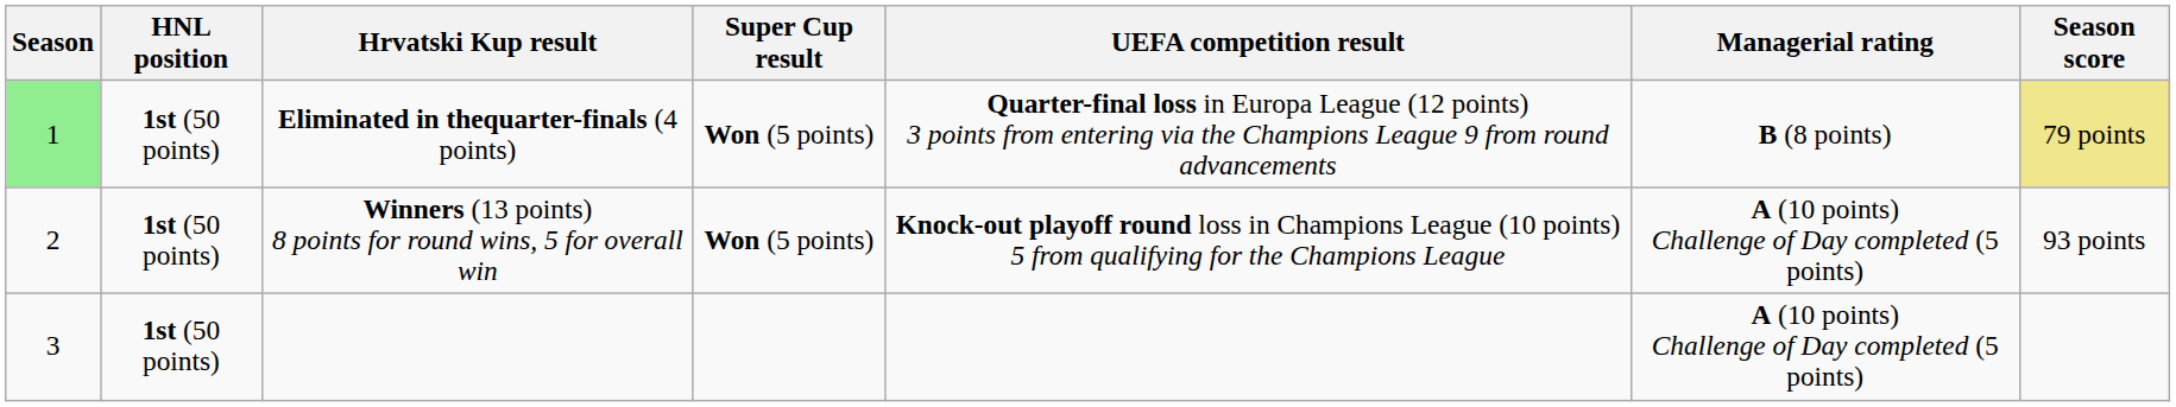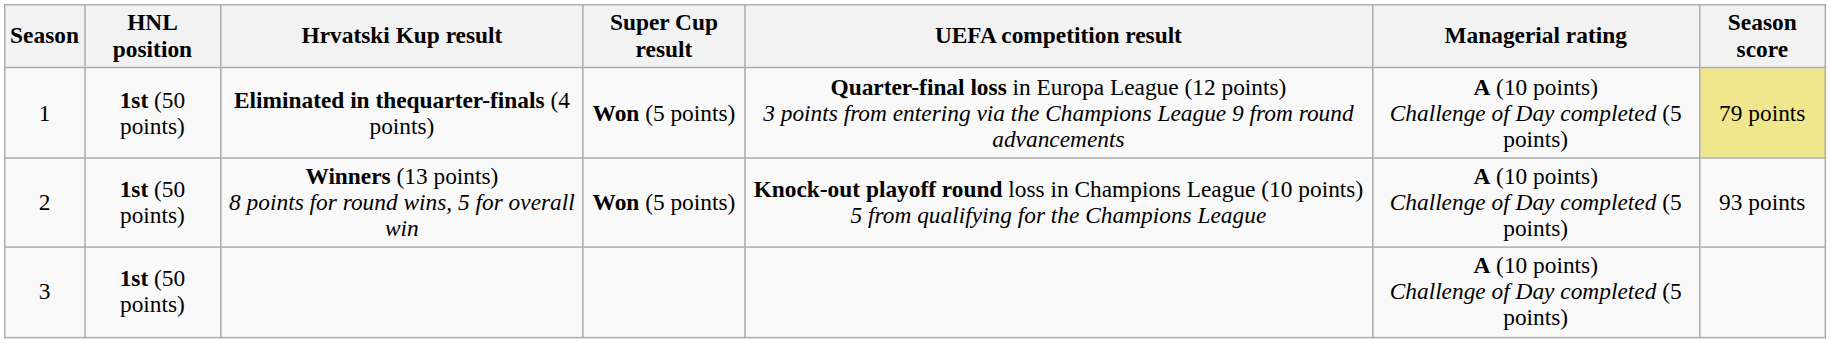 <table class="wikitable" style="text-align:center">
 <tr>
 <th>Season</th>
 <th>HNL position</th>
 <th>Hrvatski Kup result</th>
 <th>Super Cup result</th>
 <th>UEFA competition result</th>
 <th>Managerial rating</th>
 <th>Season score</th>
 </tr>
 <tr>
-<td style="background: lightgreen;">1</td>
+<td>1</td>
 <td><strong>1st</strong> (50 points)</td>
 <td><strong>Eliminated</strong> <strong>in thequarter-finals</strong> (4 points)</td>
 <td><strong>Won</strong> (5 points)</td>
 <td><strong>Quarter-final loss</strong> in Europa League (12 points)<br><em>3 points from entering via the Champions League</em> <em>9 from round advancements</em></td>
-<td><strong>B</strong> (8 points)</td>
+<td><strong>A</strong> (10 points)<br><em>Challenge of Day completed</em> (5 points)</td>
 <td style="background: khaki;">79 points</td>
 </tr>
 <tr>
 <td>2</td>
 <td><strong>1st</strong> (50 points)</td>
 <td><strong>Winners</strong> (13 points)<br><em>8 points for round wins, 5 for overall win</em></td>
 <td><strong>Won</strong> (5 points)</td>
 <td><strong>Knock-out playoff round</strong> loss in Champions League (10 points)<br><em>5 from qualifying for the Champions League</em></td>
 <td><strong>A</strong> (10 points)<br><em>Challenge of Day completed</em> (5 points)</td>
 <td>93 points</td>
 </tr>
 <tr>
 <td>3</td>
 <td><strong>1st</strong> (50 points)</td>
 <td></td>
 <td></td>
 <td></td>
 <td><strong>A</strong> (10 points)<br><em>Challenge of Day completed</em> (5 points)</td>
 </tr>
 </table>
